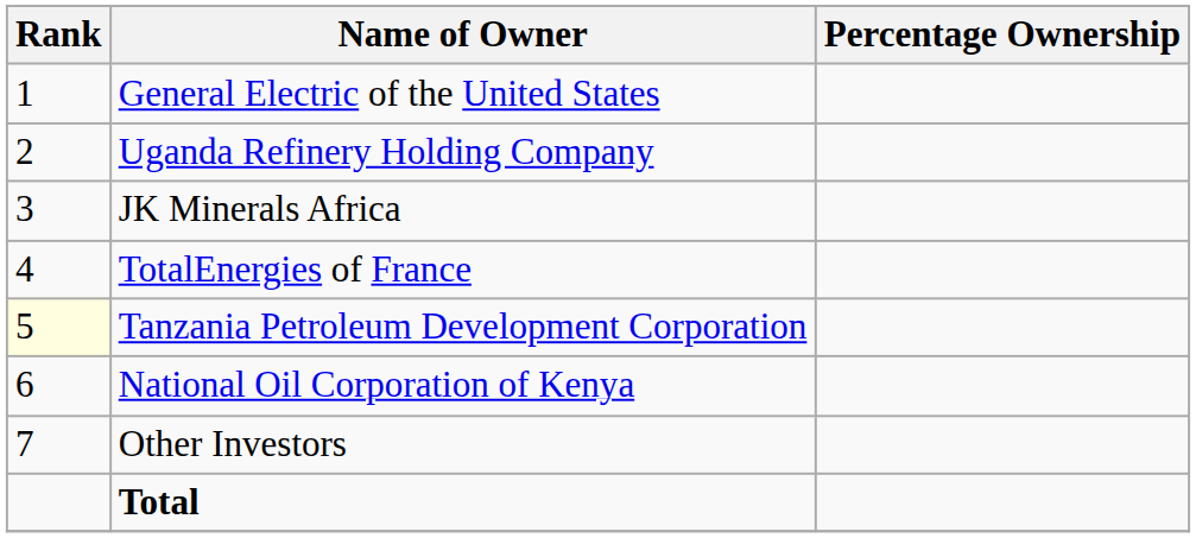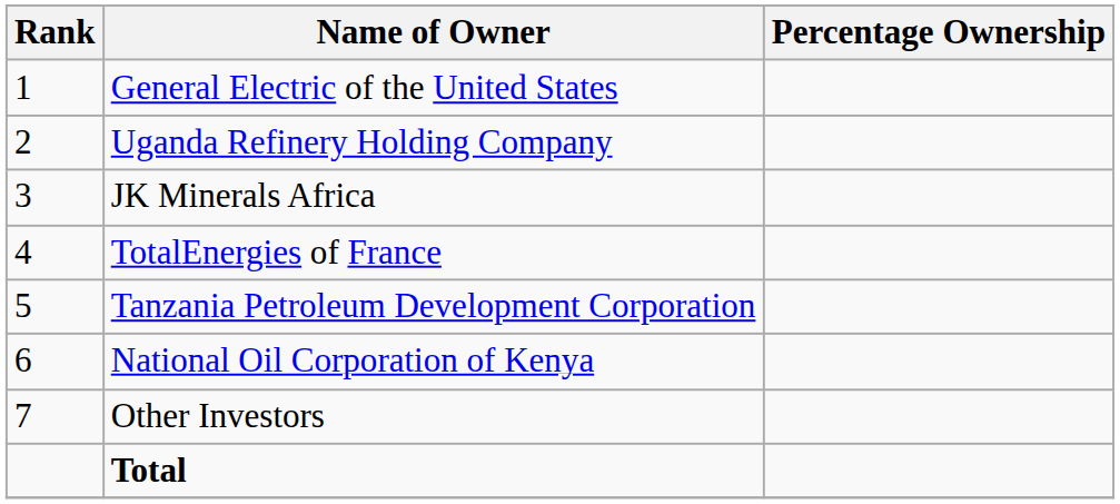 <table class="wikitable sortable" style="margin: 0.5em auto">
 <tr>
 <th>Rank</th>
 <th>Name of Owner</th>
 <th>Percentage Ownership</th>
 </tr>
 <tr>
 <td>1</td>
 <td><a href='#'>General Electric</a> of the <a href='#'>United States</a></td>
 <td></td>
 </tr>
 <tr>
 <td>2</td>
 <td><a href='#'>Uganda Refinery Holding Company</a></td>
 <td></td>
 </tr>
 <tr>
 <td>3</td>
 <td>JK Minerals Africa</td>
 <td></td>
 </tr>
 <tr>
 <td>4</td>
 <td><a href='#'>TotalEnergies</a> of <a href='#'>France</a></td>
 <td></td>
 </tr>
 <tr>
-<td style="background: lightyellow;">5</td>
+<td>5</td>
 <td><a href='#'>Tanzania Petroleum Development Corporation</a></td>
 <td></td>
 </tr>
 <tr>
 <td>6</td>
 <td><a href='#'>National Oil Corporation of Kenya</a></td>
 <td></td>
 </tr>
 <tr>
 <td>7</td>
 <td>Other Investors</td>
 <td></td>
 </tr>
 <tr>
 <td></td>
 <td><strong>Total</strong></td>
 <td></td>
 </tr>
 <tr>
 </tr>
 </table>
